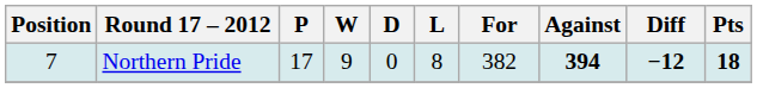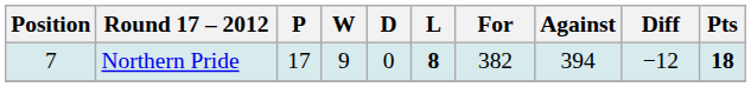 <table class="wikitable" style="text-align:center; font-size:85%;">
 <tr>
 <th width=40 abbr="Position">Position</th>
 <th width=100>Round 17 – 2012</th>
 <th width=20 abbr="Played">P</th>
 <th width=20 abbr="Won">W</th>
 <th width=20 abbr="Drawn">D</th>
 <th width=20 abbr="Lost">L</th>
 <th width=40 abbr="Points for">For</th>
 <th width=40 abbr="Points against">Against</th>
 <th width=40 abbr="Points difference">Diff</th>
 <th width=20 abbr="Points">Pts</th>
 </tr>
 <tr style="background: #d7ebed;">
 <td>7</td>
 <td style="text-align:left;"> <a href='#'>Northern Pride</a></td>
 <td>17</td>
 <td>9</td>
 <td>0</td>
-<td>8</td>
+<td><strong>8</strong></td>
 <td>382</td>
-<td><strong>394</strong></td>
-<td><strong>−12</strong></td>
+<td>394</td>
+<td>−12</td>
 <td><strong>18</strong></td>
 </tr>
 <tr>
 </tr>
 </table>
